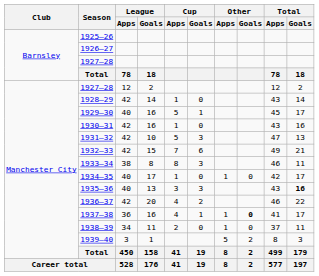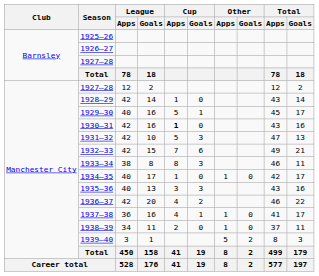 <table class="wikitable" style="text-align:center">
 <tr>
 <th rowspan="2">Club</th>
 <th rowspan="2">Season</th>
 <th colspan="2">League</th>
 <th colspan="2">Cup</th>
 <th colspan="2">Other</th>
 <th colspan="2">Total</th>
 </tr>
 <tr>
 <th>Apps</th>
 <th>Goals</th>
 <th>Apps</th>
 <th>Goals</th>
 <th>Apps</th>
 <th>Goals</th>
 <th>Apps</th>
 <th>Goals</th>
 </tr>
 <tr>
 <td rowspan="4"><a href='#'>Barnsley</a></td>
 <td><a href='#'>1925–26</a></td>
 <td></td>
 <td></td>
 <td></td>
 <td></td>
 <td></td>
 <td></td>
 <td></td>
 <td></td>
 </tr>
 <tr>
 <td><a href='#'>1926–27</a></td>
 <td></td>
 <td></td>
 <td></td>
 <td></td>
 <td></td>
 <td></td>
 <td></td>
 <td></td>
 </tr>
 <tr>
 <td><a href='#'>1927–28</a></td>
 <td></td>
 <td></td>
 <td></td>
 <td></td>
 <td></td>
 <td></td>
 <td></td>
 <td></td>
 </tr>
 <tr>
 <th colspan="1">Total</th>
 <th>78</th>
 <th>18</th>
 <th></th>
 <th></th>
 <th></th>
 <th></th>
 <th>78</th>
 <th>18</th>
 </tr>
 <tr>
 <td rowspan="14"><a href='#'>Manchester City</a></td>
 <td><a href='#'>1927–28</a></td>
 <td>12</td>
 <td>2</td>
 <td></td>
 <td></td>
 <td></td>
 <td></td>
 <td>12</td>
 <td>2</td>
 </tr>
 <tr>
 <td><a href='#'>1928–29</a></td>
 <td>42</td>
 <td>14</td>
 <td>1</td>
 <td>0</td>
 <td></td>
 <td></td>
 <td>43</td>
 <td>14</td>
 </tr>
 <tr>
 <td><a href='#'>1929–30</a></td>
 <td>40</td>
 <td>16</td>
 <td>5</td>
 <td>1</td>
 <td></td>
 <td></td>
 <td>45</td>
 <td>17</td>
 </tr>
 <tr>
 <td><a href='#'>1930–31</a></td>
 <td>42</td>
 <td>16</td>
-<td>1</td>
+<td><strong>1</strong></td>
 <td>0</td>
 <td></td>
 <td></td>
 <td>43</td>
 <td>16</td>
 </tr>
 <tr>
 <td><a href='#'>1931–32</a></td>
 <td>42</td>
 <td>10</td>
 <td>5</td>
 <td>3</td>
 <td></td>
 <td></td>
 <td>47</td>
 <td>13</td>
 </tr>
 <tr>
 <td><a href='#'>1932–33</a></td>
 <td>42</td>
 <td>15</td>
 <td>7</td>
 <td>6</td>
 <td></td>
 <td></td>
 <td>49</td>
 <td>21</td>
 </tr>
 <tr>
 <td><a href='#'>1933–34</a></td>
 <td>38</td>
 <td>8</td>
 <td>8</td>
 <td>3</td>
 <td></td>
 <td></td>
 <td>46</td>
 <td>11</td>
 </tr>
 <tr>
 <td><a href='#'>1934–35</a></td>
 <td>40</td>
 <td>17</td>
 <td>1</td>
 <td>0</td>
 <td>1</td>
 <td>0</td>
 <td>42</td>
 <td>17</td>
 </tr>
 <tr>
 <td><a href='#'>1935–36</a></td>
 <td>40</td>
 <td>13</td>
 <td>3</td>
 <td>3</td>
 <td></td>
 <td></td>
 <td>43</td>
-<td><strong>16</strong></td>
+<td>16</td>
 </tr>
 <tr>
 <td><a href='#'>1936–37</a></td>
 <td>42</td>
 <td>20</td>
 <td>4</td>
 <td>2</td>
 <td></td>
 <td></td>
 <td>46</td>
 <td>22</td>
 </tr>
 <tr>
 <td><a href='#'>1937–38</a></td>
 <td>36</td>
 <td>16</td>
 <td>4</td>
 <td>1</td>
 <td>1</td>
-<td><strong>0</strong></td>
+<td>0</td>
 <td>41</td>
 <td>17</td>
 </tr>
 <tr>
 <td><a href='#'>1938–39</a></td>
 <td>34</td>
 <td>11</td>
 <td>2</td>
 <td>0</td>
 <td>1</td>
 <td>0</td>
 <td>37</td>
 <td>11</td>
 </tr>
 <tr>
 <td><a href='#'>1939–40</a></td>
 <td>3</td>
 <td>1</td>
 <td></td>
 <td></td>
 <td>5</td>
 <td>2</td>
 <td>8</td>
 <td>3</td>
 </tr>
 <tr>
 <th colspan="1">Total</th>
 <th>450</th>
 <th>158</th>
 <th>41</th>
 <th>19</th>
 <th>8</th>
 <th>2</th>
 <th>499</th>
 <th>179</th>
 </tr>
 <tr>
 <th colspan="2">Career total</th>
 <th>528</th>
 <th>176</th>
 <th>41</th>
 <th>19</th>
 <th>8</th>
 <th>2</th>
 <th>577</th>
 <th>197</th>
 </tr>
 </table>
